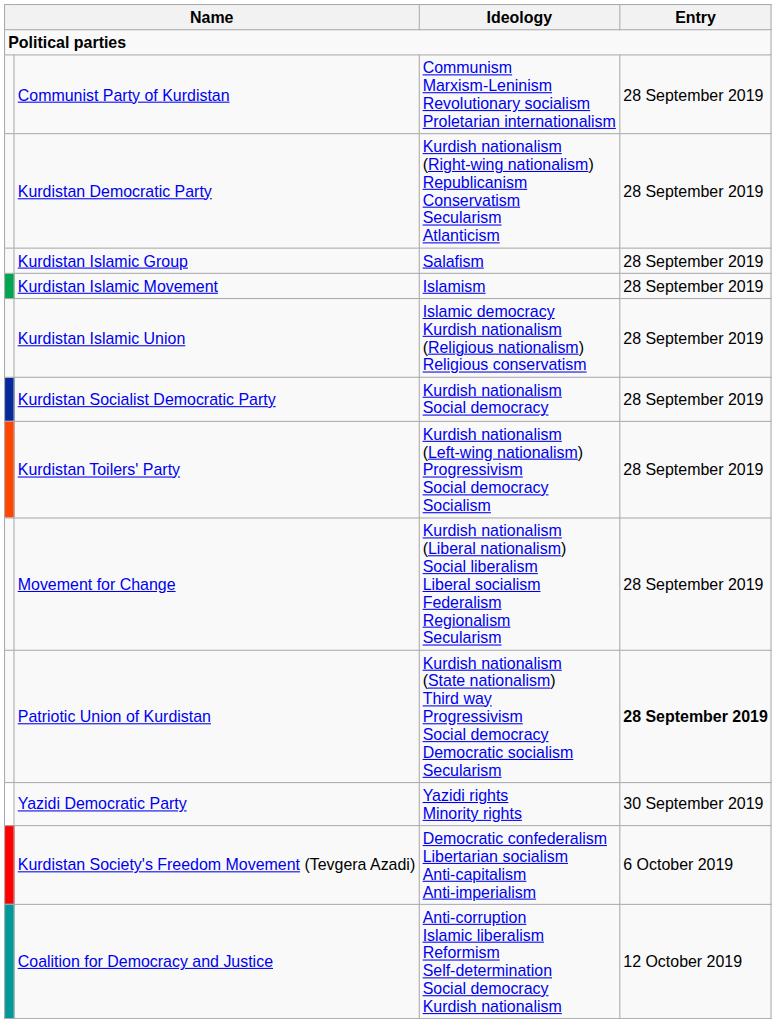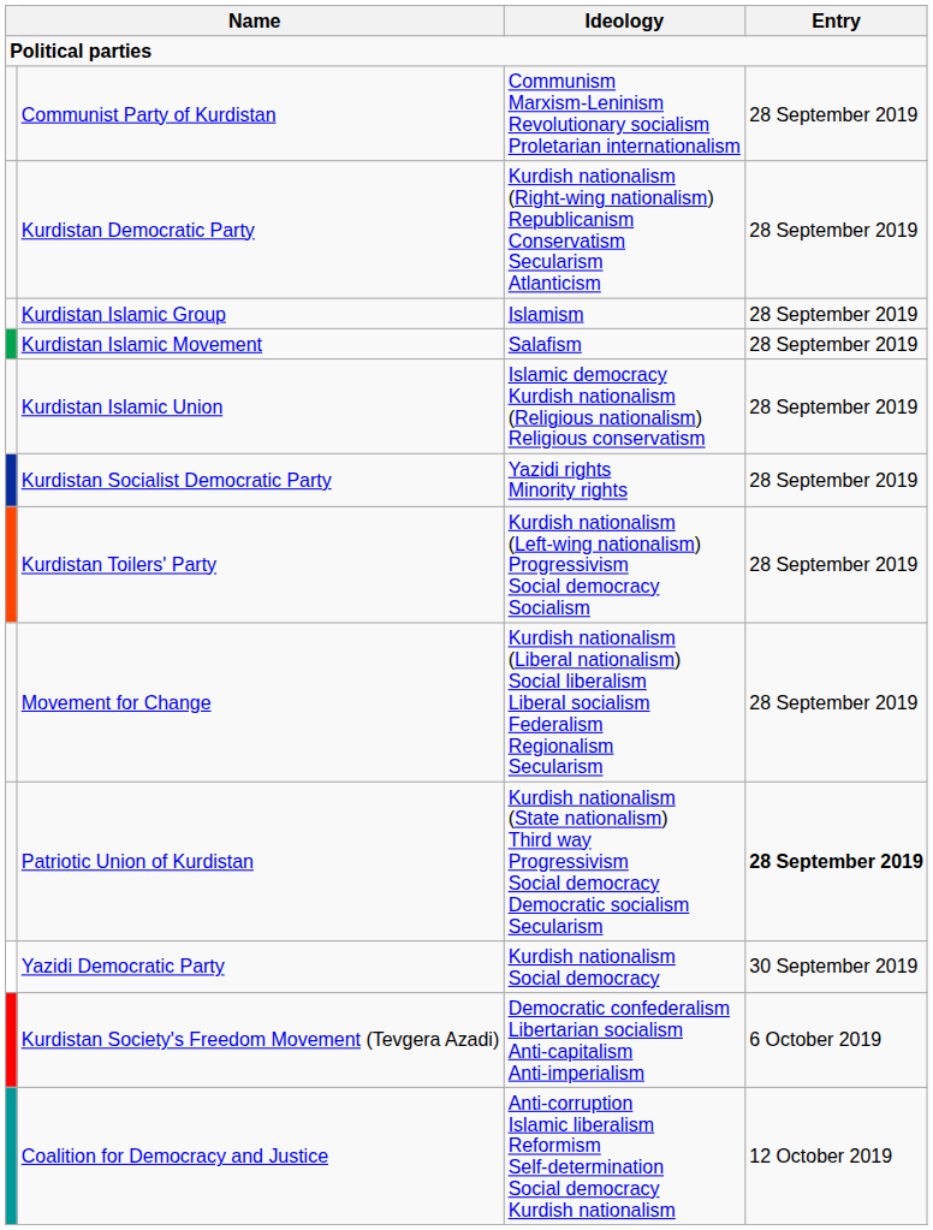 <table class="wikitable" style="font-size:95%;">
 <tr>
 <th colspan="2">Name</th>
 <th>Ideology</th>
 <th>Entry</th>
 </tr>
 <tr>
 <td colspan=10><strong>Political parties</strong></td>
 </tr>
 <tr>
 <td style="width:2px;background:"></td>
 <td><a href='#'>Communist Party of Kurdistan</a></td>
 <td><a href='#'>Communism</a><br><a href='#'>Marxism-Leninism</a><br><a href='#'>Revolutionary socialism</a><br><a href='#'>Proletarian internationalism</a></td>
 <td>28 September 2019</td>
 </tr>
 <tr>
 <td style="width:2px;background:"></td>
 <td><a href='#'>Kurdistan Democratic Party</a></td>
 <td><a href='#'>Kurdish nationalism</a><br>(<a href='#'>Right-wing nationalism</a>)<br><a href='#'>Republicanism</a><br><a href='#'>Conservatism</a><br><a href='#'>Secularism</a><br><a href='#'>Atlanticism</a></td>
 <td>28 September 2019</td>
 </tr>
 <tr>
 <td style="width:2px;background:"></td>
 <td><a href='#'>Kurdistan Islamic Group</a></td>
-<td><a href='#'>Salafism</a></td>
+<td><a href='#'>Islamism</a></td>
 <td>28 September 2019</td>
 </tr>
 <tr>
 <td style="background-color:#00A550;"></td>
 <td><a href='#'>Kurdistan Islamic Movement</a></td>
-<td><a href='#'>Islamism</a></td>
+<td><a href='#'>Salafism</a></td>
 <td>28 September 2019</td>
 </tr>
 <tr>
 <td style="width:2px;background:"></td>
 <td><a href='#'>Kurdistan Islamic Union</a></td>
 <td><a href='#'>Islamic democracy</a><br><a href='#'>Kurdish nationalism</a><br>(<a href='#'>Religious nationalism</a>)<br><a href='#'>Religious conservatism</a></td>
 <td>28 September 2019</td>
 </tr>
 <tr>
 <td style="background-color:#06299C;"></td>
 <td><a href='#'>Kurdistan Socialist Democratic Party</a></td>
-<td><a href='#'>Kurdish nationalism</a><br><a href='#'>Social democracy</a></td>
+<td><a href='#'>Yazidi rights</a><br><a href='#'>Minority rights</a></td>
 <td>28 September 2019</td>
 </tr>
 <tr>
 <td style="background-color:#FF4500;"></td>
 <td><a href='#'>Kurdistan Toilers' Party</a></td>
 <td><a href='#'>Kurdish nationalism</a><br>(<a href='#'>Left-wing nationalism</a>)<br><a href='#'>Progressivism</a><br><a href='#'>Social democracy</a><br><a href='#'>Socialism</a></td>
 <td>28 September 2019</td>
 </tr>
 <tr>
 <td style="width:2px;background:"></td>
 <td><a href='#'>Movement for Change</a></td>
 <td><a href='#'>Kurdish nationalism</a><br>(<a href='#'>Liberal nationalism</a>)<br><a href='#'>Social liberalism</a><br><a href='#'>Liberal socialism</a><br><a href='#'>Federalism</a><br><a href='#'>Regionalism</a><br><a href='#'>Secularism</a></td>
 <td>28 September 2019</td>
 </tr>
 <tr>
 <td style="width:2px;background:"></td>
 <td><a href='#'>Patriotic Union of Kurdistan</a></td>
 <td><a href='#'>Kurdish nationalism</a><br>(<a href='#'>State nationalism</a>)<br><a href='#'>Third way</a><br><a href='#'>Progressivism</a><br><a href='#'>Social democracy</a><br><a href='#'>Democratic socialism</a><br><a href='#'>Secularism</a></td>
 <td><strong>28 September 2019</strong></td>
 </tr>
 <tr>
 <td style="background-color:#FFFFFF;"></td>
 <td><a href='#'>Yazidi Democratic Party</a></td>
-<td><a href='#'>Yazidi rights</a><br><a href='#'>Minority rights</a></td>
+<td><a href='#'>Kurdish nationalism</a><br><a href='#'>Social democracy</a></td>
 <td>30 September 2019</td>
 </tr>
 <tr>
 <td style="background-color:#FF0000;"></td>
 <td><a href='#'>Kurdistan Society's Freedom Movement</a> (Tevgera Azadi)</td>
 <td><a href='#'>Democratic confederalism</a><br><a href='#'>Libertarian socialism</a><br><a href='#'>Anti-capitalism</a><br><a href='#'>Anti-imperialism</a></td>
 <td>6 October 2019</td>
 </tr>
 <tr>
 <td style="background-color:#009999;"></td>
 <td><a href='#'>Coalition for Democracy and Justice</a></td>
 <td><a href='#'>Anti-corruption</a><br><a href='#'>Islamic liberalism</a><br><a href='#'>Reformism</a><br><a href='#'>Self-determination</a><br><a href='#'>Social democracy</a><br><a href='#'>Kurdish nationalism</a></td>
 <td>12 October 2019</td>
 </tr>
 <tr>
 </tr>
 </table>
